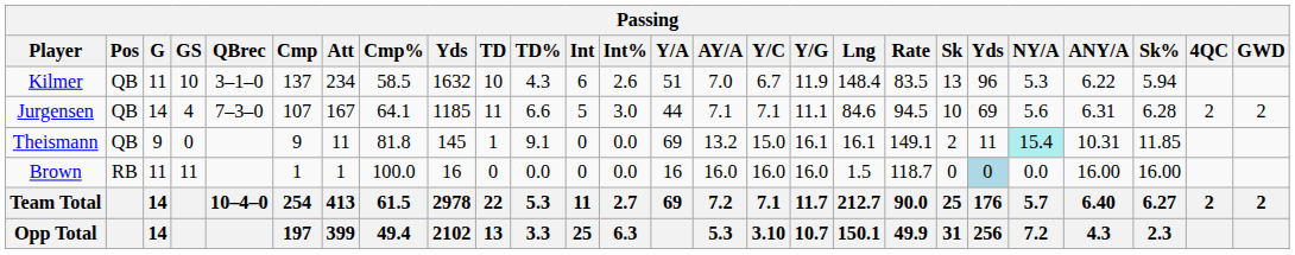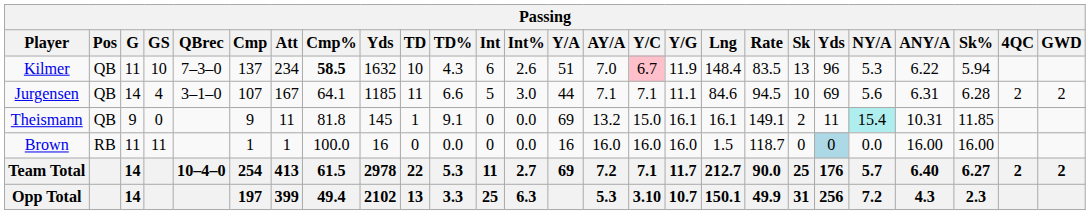 <table class="wikitable" style="text-align:center">
 <tr>
 <th colspan="26">Passing</th>
 </tr>
 <tr>
 <th>Player</th>
 <th>Pos</th>
 <th>G</th>
 <th>GS</th>
 <th>QBrec</th>
 <th>Cmp</th>
 <th>Att</th>
 <th>Cmp%</th>
 <th>Yds</th>
 <th>TD</th>
 <th>TD%</th>
 <th>Int</th>
 <th>Int%</th>
 <th>Y/A</th>
 <th>AY/A</th>
 <th>Y/C</th>
 <th>Y/G</th>
 <th>Lng</th>
 <th>Rate</th>
 <th>Sk</th>
 <th>Yds</th>
 <th>NY/A</th>
 <th>ANY/A</th>
 <th>Sk%</th>
 <th>4QC</th>
 <th>GWD</th>
 </tr>
 <tr>
 <td><a href='#'>Kilmer</a></td>
 <td>QB</td>
 <td>11</td>
 <td>10</td>
-<td>3–1–0</td>
+<td>7–3–0</td>
 <td>137</td>
 <td>234</td>
-<td>58.5</td>
+<td><strong>58.5</strong></td>
 <td>1632</td>
 <td>10</td>
 <td>4.3</td>
 <td>6</td>
 <td>2.6</td>
 <td>51</td>
 <td>7.0</td>
-<td>6.7</td>
+<td style="background: pink;">6.7</td>
 <td>11.9</td>
 <td>148.4</td>
 <td>83.5</td>
 <td>13</td>
 <td>96</td>
 <td>5.3</td>
 <td>6.22</td>
 <td>5.94</td>
 <td></td>
 <td></td>
 </tr>
 <tr>
 <td><a href='#'>Jurgensen</a></td>
 <td>QB</td>
 <td>14</td>
 <td>4</td>
-<td>7–3–0</td>
+<td>3–1–0</td>
 <td>107</td>
 <td>167</td>
 <td>64.1</td>
 <td>1185</td>
 <td>11</td>
 <td>6.6</td>
 <td>5</td>
 <td>3.0</td>
 <td>44</td>
 <td>7.1</td>
 <td>7.1</td>
 <td>11.1</td>
 <td>84.6</td>
 <td>94.5</td>
 <td>10</td>
 <td>69</td>
 <td>5.6</td>
 <td>6.31</td>
 <td>6.28</td>
 <td>2</td>
 <td>2</td>
 </tr>
 <tr>
 <td><a href='#'>Theismann</a></td>
 <td>QB</td>
 <td>9</td>
 <td>0</td>
 <td></td>
 <td>9</td>
 <td>11</td>
 <td>81.8</td>
 <td>145</td>
 <td>1</td>
 <td>9.1</td>
 <td>0</td>
 <td>0.0</td>
 <td>69</td>
 <td>13.2</td>
 <td>15.0</td>
 <td>16.1</td>
 <td>16.1</td>
 <td>149.1</td>
 <td>2</td>
 <td>11</td>
 <td style="background: paleturquoise;">15.4</td>
 <td>10.31</td>
 <td>11.85</td>
 <td></td>
 </tr>
 <tr>
 <td><a href='#'>Brown</a></td>
 <td>RB</td>
 <td>11</td>
 <td>11</td>
 <td></td>
 <td>1</td>
 <td>1</td>
 <td>100.0</td>
 <td>16</td>
 <td>0</td>
 <td>0.0</td>
 <td>0</td>
 <td>0.0</td>
 <td>16</td>
 <td>16.0</td>
 <td>16.0</td>
 <td>16.0</td>
 <td>1.5</td>
 <td>118.7</td>
 <td>0</td>
 <td style="background: lightblue;">0</td>
 <td>0.0</td>
 <td>16.00</td>
 <td>16.00</td>
 <td></td>
 <td></td>
 </tr>
 <tr>
 <th>Team Total</th>
 <th></th>
 <th>14</th>
 <th></th>
 <th>10–4–0</th>
 <th>254</th>
 <th>413</th>
 <th>61.5</th>
 <th>2978</th>
 <th>22</th>
 <th>5.3</th>
 <th>11</th>
 <th>2.7</th>
 <th>69</th>
 <th>7.2</th>
 <th>7.1</th>
 <th>11.7</th>
 <th>212.7</th>
 <th>90.0</th>
 <th>25</th>
 <th>176</th>
 <th>5.7</th>
 <th>6.40</th>
 <th>6.27</th>
 <th>2</th>
 <th>2</th>
 </tr>
 <tr>
 <th>Opp Total</th>
 <th></th>
 <th>14</th>
 <th></th>
 <th></th>
 <th>197</th>
 <th>399</th>
 <th>49.4</th>
 <th>2102</th>
 <th>13</th>
 <th>3.3</th>
 <th>25</th>
 <th>6.3</th>
 <th></th>
 <th>5.3</th>
 <th>3.10</th>
 <th>10.7</th>
 <th>150.1</th>
 <th>49.9</th>
 <th>31</th>
 <th>256</th>
 <th>7.2</th>
 <th>4.3</th>
 <th>2.3</th>
 <th></th>
 <th></th>
 </tr>
 </table>
